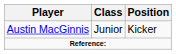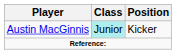 <table class="wikitable">
 <tr ;>
 <th>Player</th>
 <th>Class</th>
 <th>Position</th>
 </tr>
 <tr>
 <td><a href='#'>Austin MacGinnis</a></td>
-<td>Junior</td>
+<td style="background: paleturquoise;">Junior</td>
 <td>Kicker</td>
 </tr>
 <tr>
 <td colspan="3"  style="font-size:8pt; text-align:center;"><strong>Reference:</strong></td>
 </tr>
 </table>
